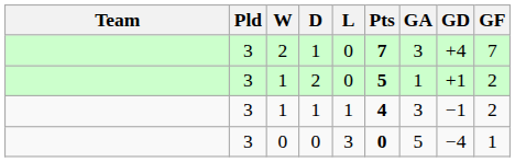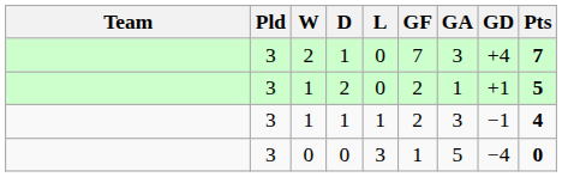 <table class="wikitable" style="text-align:center;">
 <tr>
 <th width=180>Team</th>
 <th width=20>Pld</th>
 <th width=20>W</th>
 <th width=20>D</th>
 <th width=20>L</th>
-<th width=20>Pts</th>
+<th width=20>GF</th>
 <th width=20>GA</th>
 <th width=20>GD</th>
-<th width=20>GF</th>
+<th width=20>Pts</th>
 </tr>
 <tr bgcolor="ccffcc">
 <td align="left"></td>
 <td>3</td>
 <td>2</td>
 <td>1</td>
 <td>0</td>
-<td><strong>7</strong></td>
+<td>7</td>
 <td>3</td>
 <td>+4</td>
-<td>7</td>
+<td><strong>7</strong></td>
 </tr>
 <tr bgcolor="ccffcc">
 <td align="left"></td>
 <td>3</td>
 <td>1</td>
 <td>2</td>
 <td>0</td>
-<td><strong>5</strong></td>
+<td>2</td>
 <td>1</td>
 <td>+1</td>
-<td>2</td>
+<td><strong>5</strong></td>
 </tr>
 <tr>
 <td align="left"></td>
 <td>3</td>
 <td>1</td>
 <td>1</td>
 <td>1</td>
-<td><strong>4</strong></td>
+<td>2</td>
 <td>3</td>
 <td>−1</td>
-<td>2</td>
+<td><strong>4</strong></td>
 </tr>
 <tr>
 <td align="left"></td>
 <td>3</td>
 <td>0</td>
 <td>0</td>
 <td>3</td>
-<td><strong>0</strong></td>
+<td>1</td>
 <td>5</td>
 <td>−4</td>
-<td>1</td>
+<td><strong>0</strong></td>
 </tr>
 </table>
